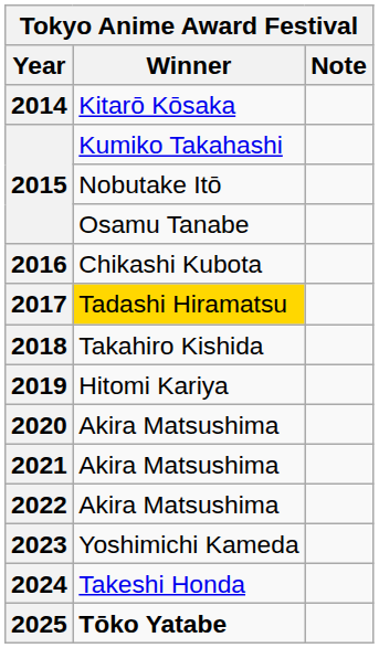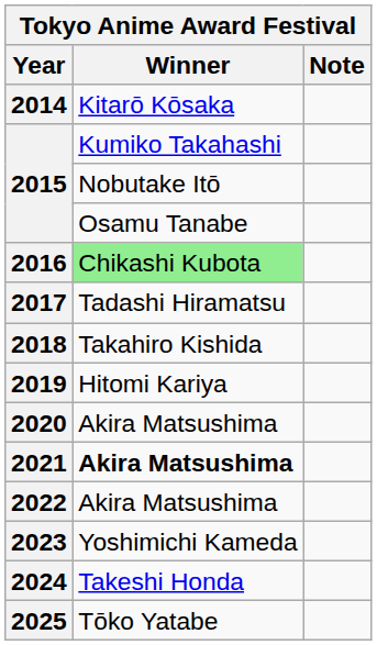 <table class="wikitable" style="font-size: 95%;">
 <tr>
 <th colspan="3">Tokyo Anime Award Festival</th>
 </tr>
 <tr>
 <th>Year</th>
 <th>Winner</th>
 <th>Note</th>
 </tr>
 <tr>
 <th>2014</th>
 <td><a href='#'>Kitarō Kōsaka</a></td>
 <td></td>
 </tr>
 <tr>
 <th rowspan="3">2015</th>
 <td><a href='#'>Kumiko Takahashi</a></td>
 <td></td>
 </tr>
 <tr>
 <td>Nobutake Itō</td>
 <td></td>
 </tr>
 <tr>
 <td>Osamu Tanabe</td>
 <td></td>
 </tr>
 <tr>
 <th>2016</th>
-<td>Chikashi Kubota</td>
+<td style="background: lightgreen;">Chikashi Kubota</td>
 <td></td>
 </tr>
 <tr>
 <th>2017</th>
-<td style="background: gold;">Tadashi Hiramatsu </td>
+<td>Tadashi Hiramatsu </td>
 <td></td>
 </tr>
 <tr>
 <th>2018</th>
 <td>Takahiro Kishida</td>
 <td></td>
 </tr>
 <tr>
 <th>2019</th>
 <td>Hitomi Kariya</td>
 <td></td>
 </tr>
 <tr>
 <th>2020</th>
 <td>Akira Matsushima</td>
 <td></td>
 </tr>
 <tr>
 <th>2021</th>
-<td>Akira Matsushima</td>
+<td><strong>Akira Matsushima</strong></td>
 <td></td>
 </tr>
 <tr>
 <th>2022</th>
 <td>Akira Matsushima</td>
 <td></td>
 </tr>
 <tr>
 <th>2023</th>
 <td>Yoshimichi Kameda</td>
 <td></td>
 </tr>
 <tr>
 <th>2024</th>
 <td><a href='#'>Takeshi Honda</a></td>
 <td></td>
 </tr>
 <tr>
 <th>2025</th>
-<td><strong>Tōko Yatabe</strong></td>
+<td>Tōko Yatabe</td>
 <td></td>
 </tr>
 </table>
